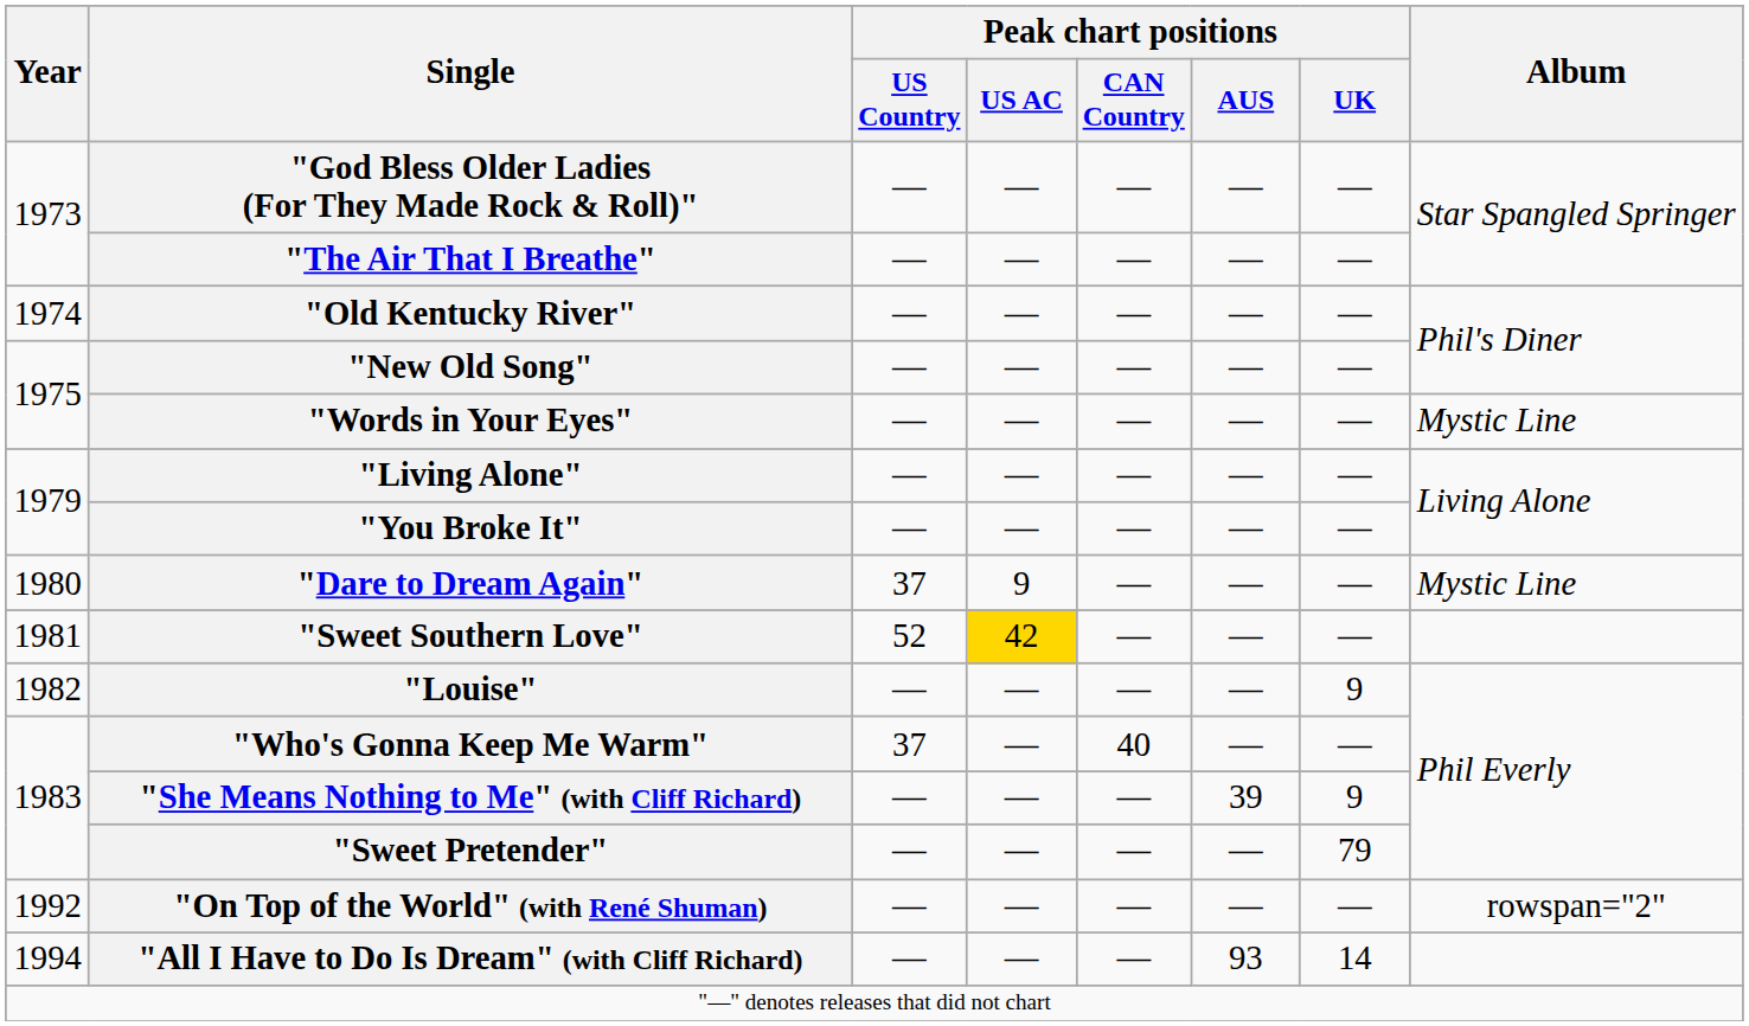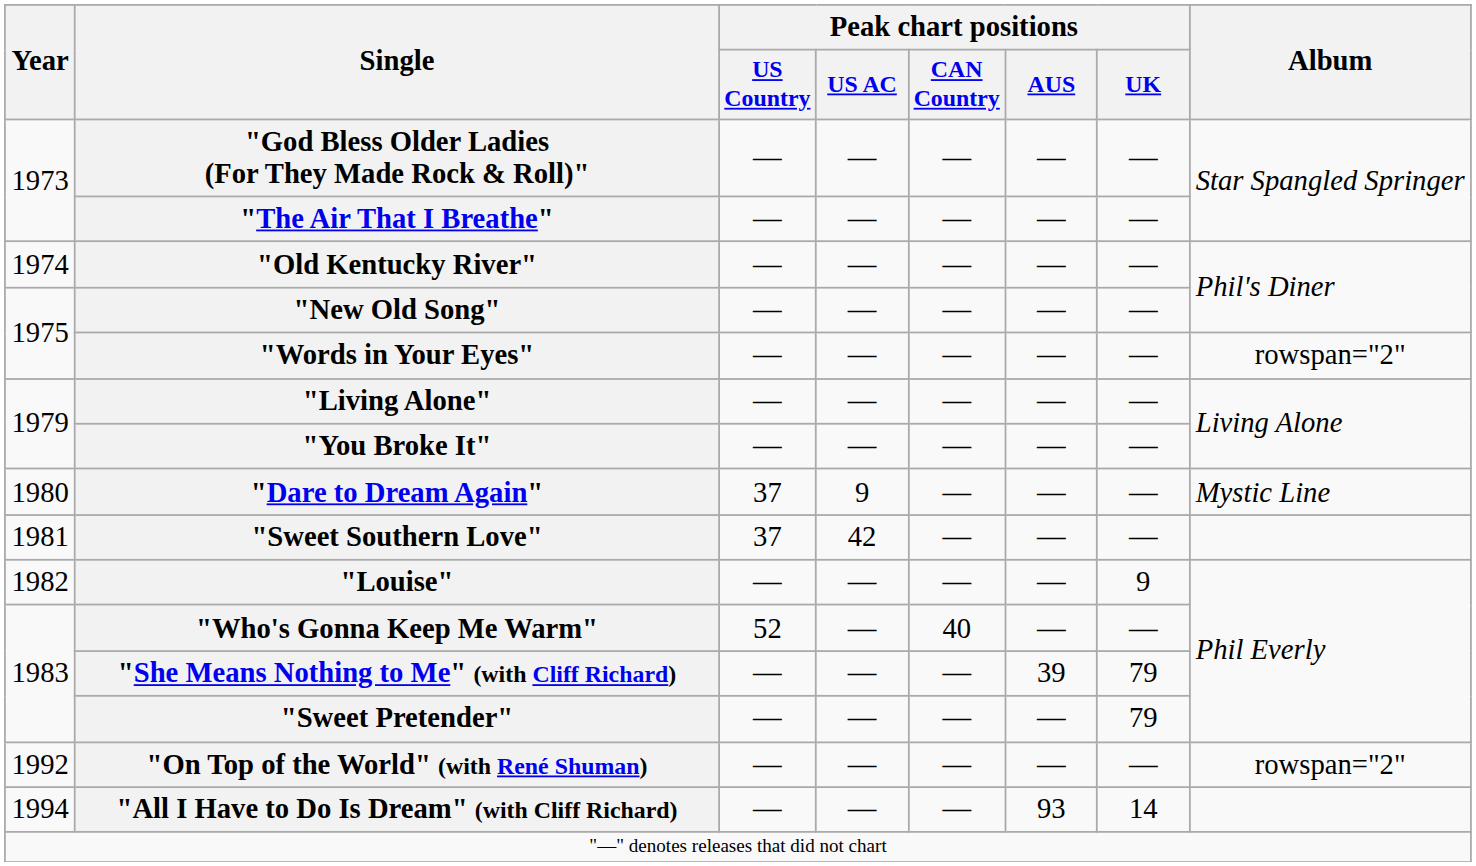 <table class="wikitable plainrowheaders" style="text-align:center;">
 <tr>
 <th rowspan="2">Year</th>
 <th rowspan="2" style="width:22em;">Single</th>
 <th colspan="5">Peak chart positions</th>
 <th rowspan="2">Album</th>
 </tr>
 <tr style="font-size:smaller;">
 <th width="45"><a href='#'>US Country</a></th>
 <th width="45"><a href='#'>US AC</a></th>
 <th width="45"><a href='#'>CAN Country</a></th>
 <th width="45"><a href='#'>AUS</a></th>
 <th width="45"><a href='#'>UK</a></th>
 </tr>
 <tr>
 <td rowspan="2">1973</td>
 <th scope="row">"God Bless Older Ladies<br>(For They Made Rock & Roll)"</th>
 <td>—</td>
 <td>—</td>
 <td>—</td>
 <td>—</td>
 <td>—</td>
 <td align="left" rowspan="2"><em>Star Spangled Springer</em></td>
 </tr>
 <tr>
 <th scope="row">"<a href='#'>The Air That I Breathe</a>"</th>
 <td>—</td>
 <td>—</td>
 <td>—</td>
 <td>—</td>
 <td>—</td>
 </tr>
 <tr>
 <td>1974</td>
 <th scope="row">"Old Kentucky River"</th>
 <td>—</td>
 <td>—</td>
 <td>—</td>
 <td>—</td>
 <td>—</td>
 <td align="left" rowspan="2"><em>Phil's Diner</em></td>
 </tr>
 <tr>
 <td rowspan="2">1975</td>
 <th scope="row">"New Old Song"</th>
 <td>—</td>
 <td>—</td>
 <td>—</td>
 <td>—</td>
 <td>—</td>
 </tr>
 <tr>
 <th scope="row">"Words in Your Eyes"</th>
 <td>—</td>
 <td>—</td>
 <td>—</td>
 <td>—</td>
 <td>—</td>
-<td align="left"><em>Mystic Line</em></td>
+<td>rowspan="2" </td>
 </tr>
 <tr>
 <td rowspan="2">1979</td>
 <th scope="row">"Living Alone"</th>
 <td>—</td>
 <td>—</td>
 <td>—</td>
 <td>—</td>
 <td>—</td>
 <td align="left" rowspan="2"><em>Living Alone</em></td>
 </tr>
 <tr>
 <th scope="row">"You Broke It"</th>
 <td>—</td>
 <td>—</td>
 <td>—</td>
 <td>—</td>
 <td>—</td>
 </tr>
 <tr>
 <td>1980</td>
 <th scope="row">"<a href='#'>Dare to Dream Again</a>"</th>
 <td>37</td>
 <td>9</td>
 <td>—</td>
 <td>—</td>
 <td>—</td>
 <td align="left"><em>Mystic Line</em></td>
 </tr>
 <tr>
 <td>1981</td>
 <th scope="row">"Sweet Southern Love"</th>
-<td>52</td>
-<td style="background: gold;">42</td>
+<td>37</td>
+<td>42</td>
 <td>—</td>
 <td>—</td>
 <td>—</td>
 </tr>
 <tr>
 <td rowspan="1">1982</td>
 <th scope="row">"Louise"</th>
 <td>—</td>
 <td>—</td>
 <td>—</td>
 <td>—</td>
 <td>9</td>
 <td align="left" rowspan="4"><em>Phil Everly</em></td>
 </tr>
 <tr>
 <td rowspan="3">1983</td>
 <th scope="row">"Who's Gonna Keep Me Warm"</th>
-<td>37</td>
+<td>52</td>
 <td>—</td>
 <td>40</td>
 <td>—</td>
 <td>—</td>
 </tr>
 <tr>
 <th scope="row">"<a href='#'>She Means Nothing to Me</a>" <small>(with <a href='#'>Cliff Richard</a>)</small></th>
 <td>—</td>
 <td>—</td>
 <td>—</td>
 <td>39</td>
-<td>9</td>
+<td>79</td>
 </tr>
 <tr>
 <th scope="row">"Sweet Pretender"</th>
 <td>—</td>
 <td>—</td>
 <td>—</td>
 <td>—</td>
 <td>79</td>
 </tr>
 <tr>
 <td>1992</td>
 <th scope="row">"On Top of the World" <small>(with <a href='#'>René Shuman</a>)</small></th>
 <td>—</td>
 <td>—</td>
 <td>—</td>
 <td>—</td>
 <td>—</td>
 <td>rowspan="2" </td>
 </tr>
 <tr>
 <td>1994</td>
 <th scope="row">"All I Have to Do Is Dream" <small>(with Cliff Richard)</small></th>
 <td>—</td>
 <td>—</td>
 <td>—</td>
 <td>93</td>
 <td>14</td>
 </tr>
 <tr>
 <td colspan="8" style="font-size: 8pt">"—" denotes releases that did not chart</td>
 </tr>
 <tr>
 </tr>
 </table>
